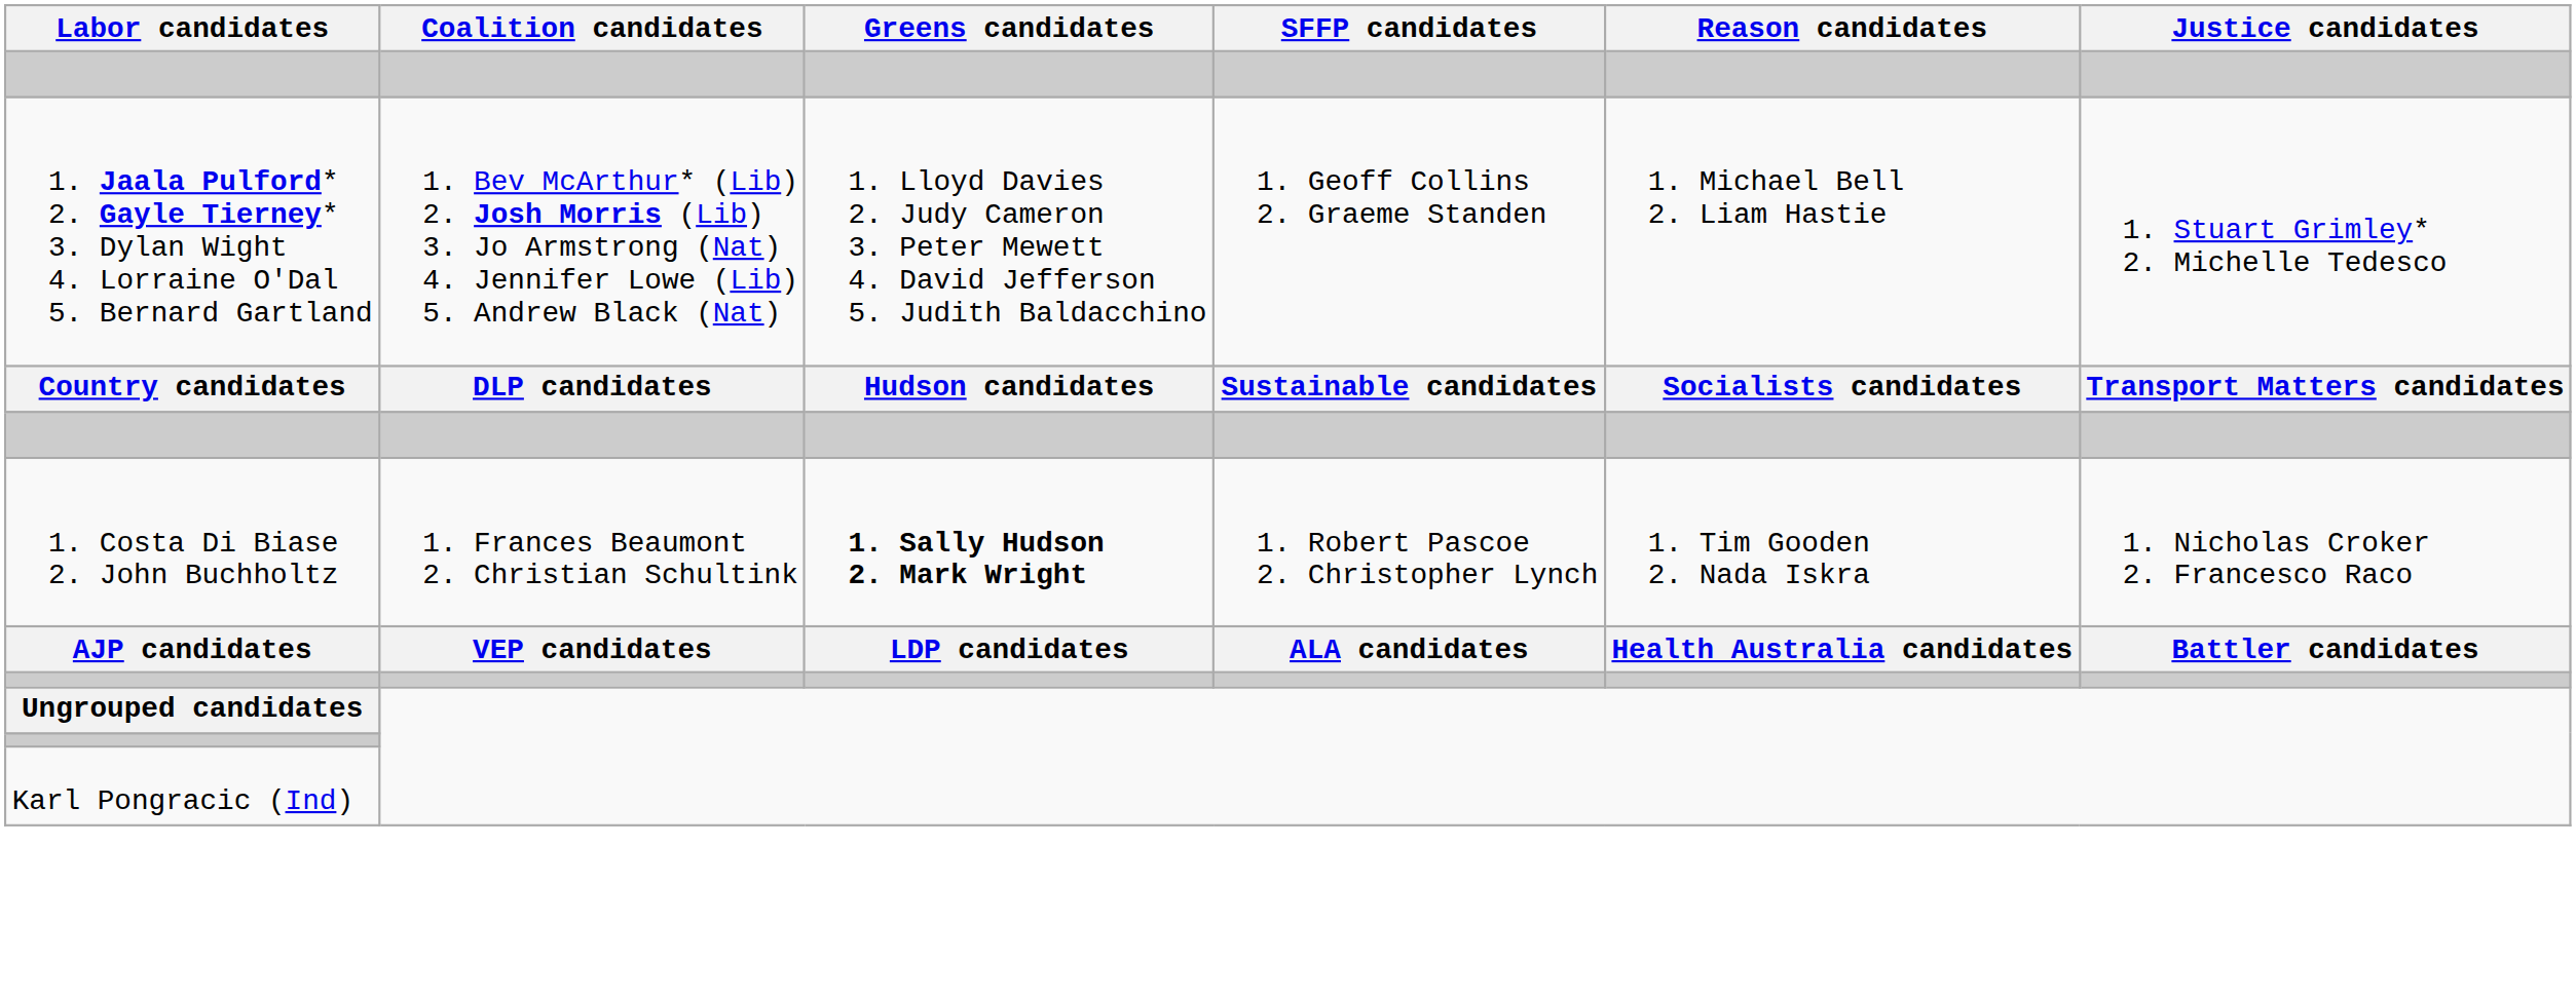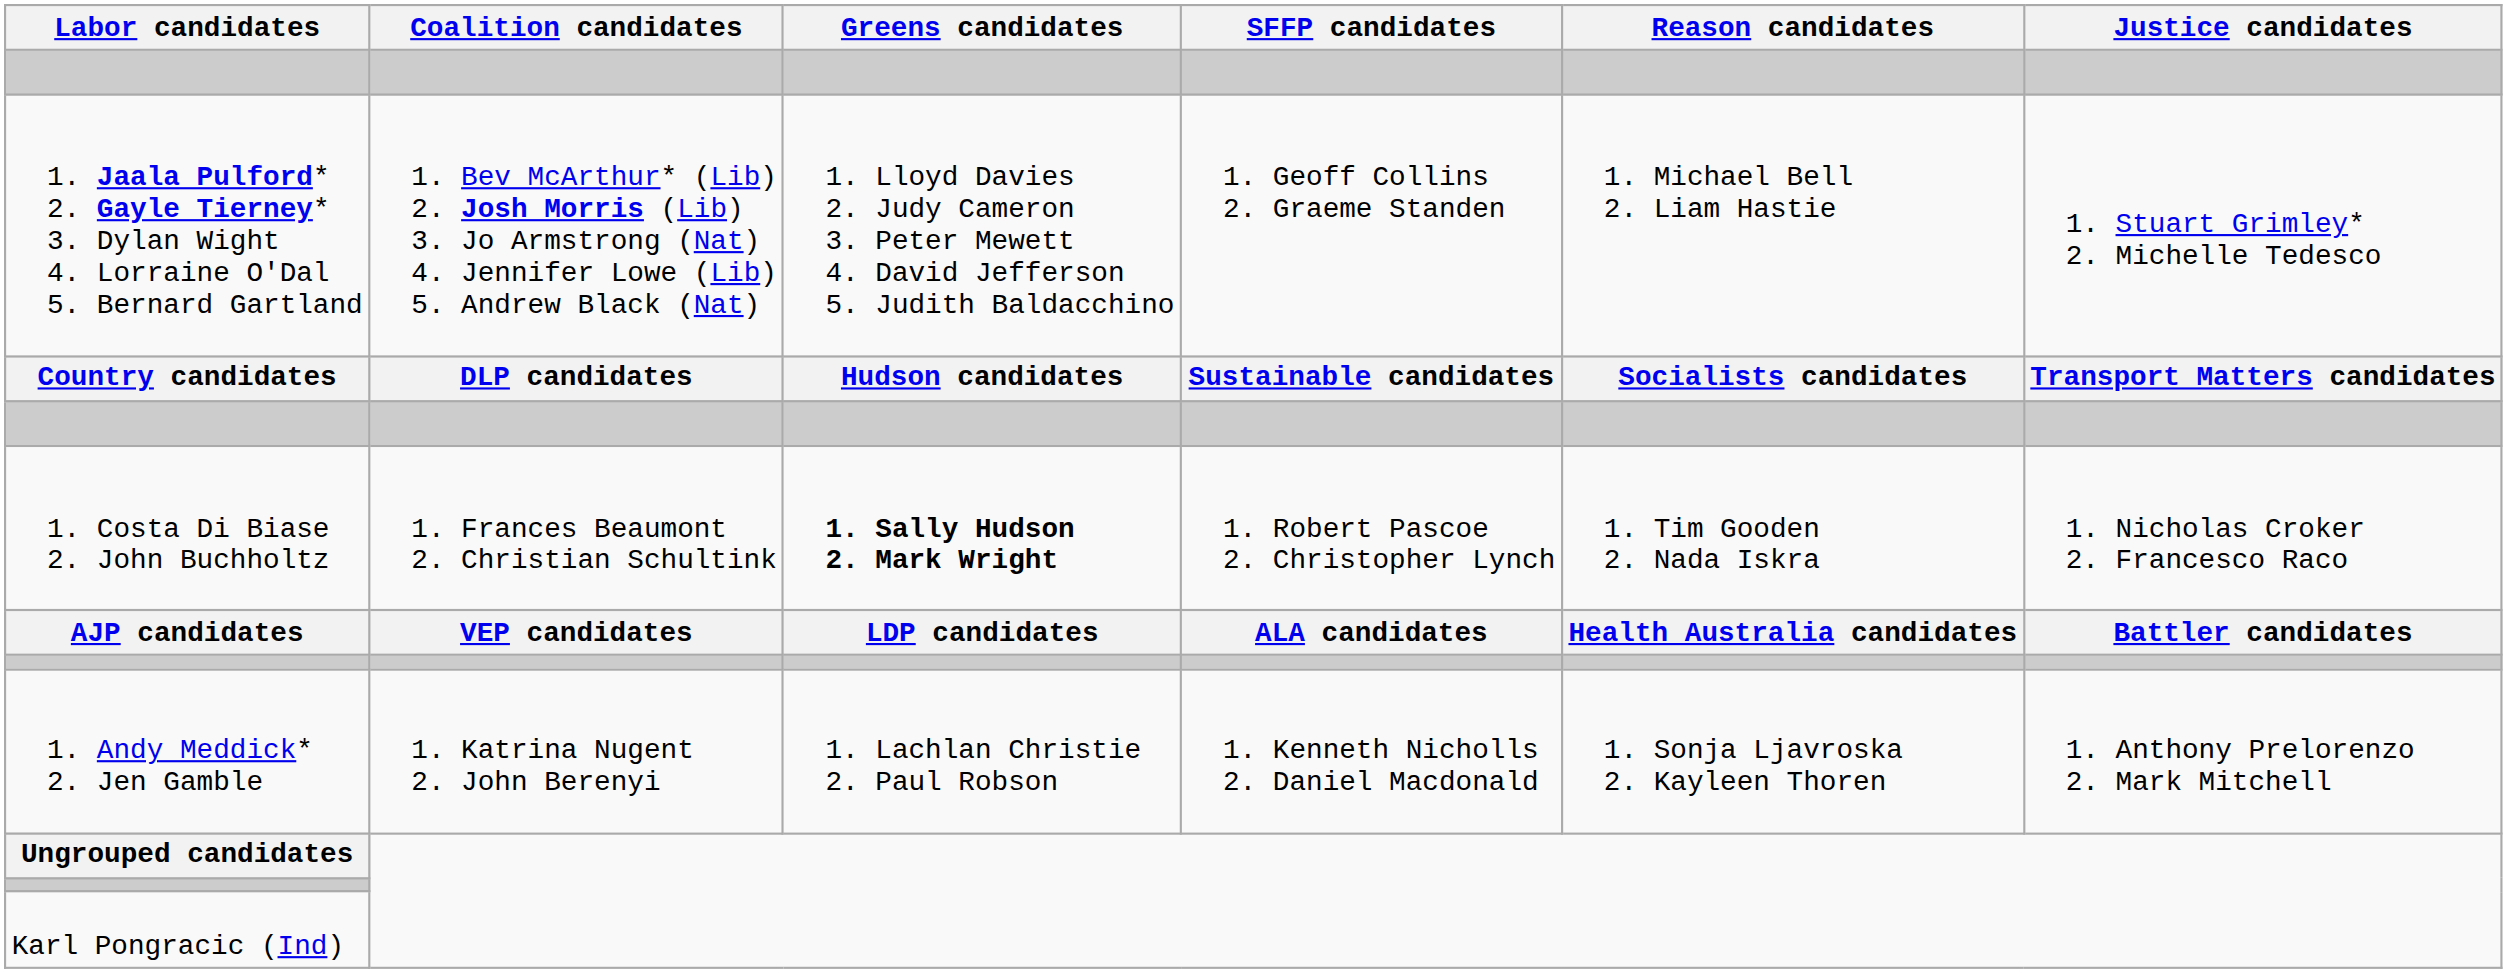 <table class="wikitable">
 <tr>
 <th><a href='#'>Labor</a> candidates</th>
 <th><a href='#'>Coalition</a> candidates</th>
 <th><a href='#'>Greens</a> candidates</th>
 <th><a href='#'>SFFP</a> candidates</th>
 <th><a href='#'>Reason</a> candidates</th>
 <th><a href='#'>Justice</a> candidates</th>
 </tr>
 <tr bgcolor="#cccccc">
 <td></td>
 <td></td>
 <td></td>
 <td></td>
 <td></td>
 <td> </td>
 </tr>
 <tr>
 <td><br><ol><li><strong><a href='#'>Jaala Pulford</a></strong>*</li><li><strong><a href='#'>Gayle Tierney</a></strong>*</li><li>Dylan Wight</li><li>Lorraine O'Dal</li><li>Bernard Gartland</li></ol></td>
 <td><br><ol><li><a href='#'>Bev McArthur</a>* (<a href='#'>Lib</a>)</li><li><strong><a href='#'>Josh Morris</a></strong> (<a href='#'>Lib</a>)</li><li>Jo Armstrong (<a href='#'>Nat</a>)</li><li>Jennifer Lowe (<a href='#'>Lib</a>)</li><li>Andrew Black (<a href='#'>Nat</a>)</li></ol></td>
 <td valign=top><br><ol><li>Lloyd Davies</li><li>Judy Cameron</li><li>Peter Mewett</li><li>David Jefferson</li><li>Judith Baldacchino</li></ol></td>
 <td valign=top><br><ol><li>Geoff Collins</li><li>Graeme Standen</li></ol></td>
 <td valign=top><br><ol><li>Michael Bell</li><li>Liam Hastie</li></ol></td>
 <td><br><ol><li><a href='#'>Stuart Grimley</a>*</li><li>Michelle Tedesco</li></ol></td>
 </tr>
 <tr bgcolor="#cccccc">
 <th><a href='#'>Country</a> candidates</th>
 <th><a href='#'>DLP</a> candidates</th>
 <th><a href='#'>Hudson</a> candidates</th>
 <th><a href='#'>Sustainable</a> candidates</th>
 <th><a href='#'>Socialists</a> candidates</th>
 <th><a href='#'>Transport Matters</a> candidates</th>
 </tr>
 <tr bgcolor="#cccccc">
 <td></td>
 <td></td>
 <td></td>
 <td></td>
 <td></td>
 <td> </td>
 </tr>
 <tr>
 <td valign=top><br><ol><li>Costa Di Biase</li><li>John Buchholtz</li></ol></td>
 <td valign=top><br><ol><li>Frances Beaumont</li><li>Christian Schultink</li></ol></td>
 <td valign=top><strong><br><ol><li>Sally Hudson</li><li>Mark Wright</li></ol></strong></td>
 <td valign=top><br><ol><li>Robert Pascoe</li><li>Christopher Lynch</li></ol></td>
 <td valign=top><br><ol><li>Tim Gooden</li><li>Nada Iskra</li></ol></td>
 <td valign=top><br><ol><li>Nicholas Croker</li><li>Francesco Raco</li></ol></td>
 </tr>
 <tr bgcolor="#cccccc">
 <th><a href='#'>AJP</a> candidates</th>
 <th><a href='#'>VEP</a> candidates</th>
 <th><a href='#'>LDP</a> candidates</th>
 <th><a href='#'>ALA</a> candidates</th>
 <th><a href='#'>Health Australia</a> candidates</th>
 <th><a href='#'>Battler</a> candidates</th>
 </tr>
 <tr bgcolor="#cccccc">
 <td></td>
 <td></td>
 <td></td>
 <td></td>
 <td></td>
 <td></td>
 </tr>
+<tr>
+<td><br><ol><li><a href='#'>Andy Meddick</a>*</li><li>Jen Gamble</li></ol></td>
+<td valign=top><br><ol><li>Katrina Nugent</li><li>John Berenyi</li></ol></td>
+<td valign=top><br><ol><li>Lachlan Christie</li><li>Paul Robson</li></ol></td>
+<td valign=top><br><ol><li>Kenneth Nicholls</li><li>Daniel Macdonald</li></ol></td>
+<td valign=top><br><ol><li>Sonja Ljavroska</li><li>Kayleen Thoren</li></ol></td>
+<td valign=top><br><ol><li>Anthony Prelorenzo</li><li>Mark Mitchell</li></ol></td>
+</tr>
 <tr bgcolor="#cccccc">
 <th>Ungrouped candidates</th>
 </tr>
 <tr bgcolor="#cccccc">
 <td></td>
 </tr>
 <tr>
 <td valign=top><br>Karl Pongracic (<a href='#'>Ind</a>)</td>
 </tr>
 </table>
